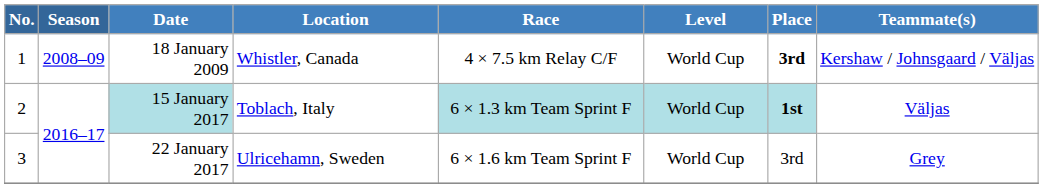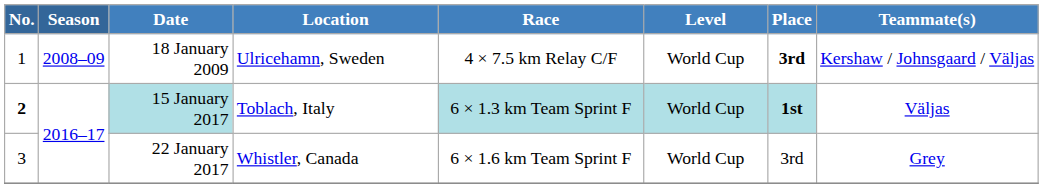 <table class="wikitable sortable" style="font-size:95%; text-align:center; border:grey solid 1px; border-collapse:collapse; background:#ffffff;">
 <tr style="background:#efefef;">
 <th style="background-color:#369; color:white;">No.</th>
 <th style="background-color:#369; color:white;">Season</th>
 <th style="background-color:#4180be; color:white; width:100px;">Date</th>
 <th style="background-color:#4180be; color:white; width:170px;">Location</th>
 <th style="background-color:#4180be; color:white; width:170px;">Race</th>
 <th style="background-color:#4180be; color:white; width:100px;">Level</th>
 <th style="background-color:#4180be; color:white;">Place</th>
 <th style="background-color:#4180be; color:white;">Teammate(s)</th>
 </tr>
 <tr>
 <td align=center>1</td>
 <td rowspan=1 align=center><a href='#'>2008–09</a></td>
 <td align=right>18 January 2009</td>
-<td align=left> <a href='#'>Whistler</a>, Canada</td>
+<td align=left> <a href='#'>Ulricehamn</a>, Sweden</td>
 <td>4 × 7.5 km Relay C/F</td>
 <td>World Cup</td>
 <td><strong>3rd</strong></td>
 <td><a href='#'>Kershaw</a> / <a href='#'>Johnsgaard</a> / <a href='#'>Väljas</a></td>
 </tr>
 <tr>
-<td align=center>2</td>
+<td align=center><strong>2</strong></td>
 <td rowspan=2 align=center><a href='#'>2016–17</a></td>
 <td bgcolor="#BOEOE6" align=right>15 January 2017</td>
 <td align=left> <a href='#'>Toblach</a>, Italy</td>
 <td bgcolor="#BOEOE6">6 × 1.3 km Team Sprint F</td>
 <td bgcolor="#BOEOE6">World Cup</td>
 <td bgcolor="#BOEOE6"><strong>1st</strong></td>
 <td><a href='#'>Väljas</a></td>
 </tr>
 <tr>
 <td align=center>3</td>
 <td align=right>22 January 2017</td>
-<td align=left> <a href='#'>Ulricehamn</a>, Sweden</td>
+<td align=left> <a href='#'>Whistler</a>, Canada</td>
 <td>6 × 1.6 km Team Sprint F</td>
 <td>World Cup</td>
 <td>3rd</td>
 <td><a href='#'>Grey</a></td>
 </tr>
 <tr>
 </tr>
 </table>
